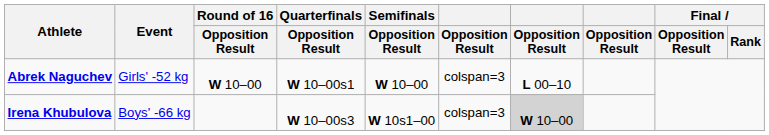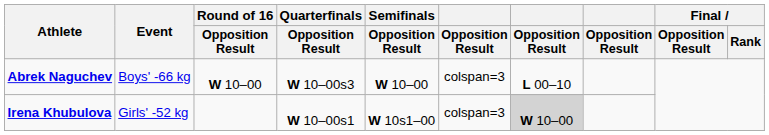 <table class="wikitable" style="text-align:center;font-size:90%">
 <tr>
 <th rowspan=2>Athlete</th>
 <th rowspan=2>Event</th>
 <th>Round of 16</th>
 <th>Quarterfinals</th>
 <th>Semifinals</th>
 <th></th>
 <th></th>
 <th></th>
 <th colspan=2>Final / </th>
 </tr>
 <tr style="font-size:95%">
 <th>Opposition<br>Result</th>
 <th>Opposition<br>Result</th>
 <th>Opposition<br>Result</th>
 <th>Opposition<br>Result</th>
 <th>Opposition<br>Result</th>
 <th>Opposition<br>Result</th>
 <th>Opposition<br>Result</th>
 <th>Rank</th>
 </tr>
 <tr>
 <td align=left><strong><a href='#'>Abrek Naguchev</a></strong></td>
-<td align=left><a href='#'>Girls' -52 kg</a></td>
+<td align=left><a href='#'>Boys' -66 kg</a></td>
 <td><br><strong>W</strong>  10–00</td>
-<td><br><strong>W</strong>  10–00s1</td>
+<td><br><strong>W</strong>  10–00s3</td>
 <td><br><strong>W</strong>  10–00</td>
 <td>colspan=3 </td>
 <td><br><strong>L</strong>  00–10</td>
 <td></td>
 </tr>
 <tr>
 <td align=left><strong><a href='#'>Irena Khubulova</a></strong></td>
-<td align=left><a href='#'>Boys' -66 kg</a></td>
+<td align=left><a href='#'>Girls' -52 kg</a></td>
 <td></td>
-<td><br><strong>W</strong>  10–00s3</td>
+<td><br><strong>W</strong>  10–00s1</td>
 <td><br><strong>W</strong>  10s1–00</td>
 <td>colspan=3 </td>
 <td style="background: lightgrey;"><br><strong>W</strong>  10–00</td>
 <td></td>
 </tr>
 </table>
